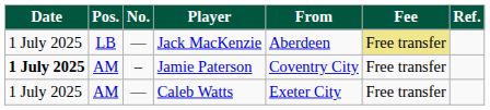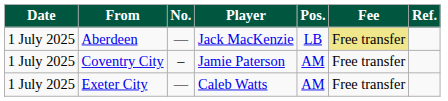 <table class="wikitable plainrowheaders sortable">
 <tr>
 <th style="background:#00563F; color:white; ">Date</th>
-<th style="background:#00563F; color:white; ">Pos.</th>
+<th style="background:#00563F; color:white; ">From</th>
 <th style="background:#00563F; color:white; ">No.</th>
 <th style="background:#00563F; color:white; ">Player</th>
-<th style="background:#00563F; color:white; ">From</th>
+<th style="background:#00563F; color:white; ">Pos.</th>
 <th style="background:#00563F; color:white; ">Fee</th>
 <th style="background:#00563F; color:white; ">Ref.</th>
 </tr>
 <tr>
 <td>1 July 2025</td>
-<td style="text-align:center"><a href='#'>LB</a></td>
+<td> <a href='#'>Aberdeen</a></td>
 <td style="text-align:center">—</td>
 <td> <a href='#'>Jack MacKenzie</a></td>
-<td> <a href='#'>Aberdeen</a></td>
+<td style="text-align:center"><a href='#'>LB</a></td>
 <td style="background: khaki;"> Free transfer</td>
 <td></td>
 </tr>
 <tr>
-<td><strong>1 July 2025</strong></td>
-<td style="text-align:center"><a href='#'>AM</a></td>
+<td>1 July 2025</td>
+<td> <a href='#'>Coventry City</a></td>
 <td style="text-align:center">–</td>
 <td> <a href='#'>Jamie Paterson</a></td>
-<td> <a href='#'>Coventry City</a></td>
+<td style="text-align:center"><a href='#'>AM</a></td>
 <td> Free transfer</td>
 <td></td>
 </tr>
 <tr>
 <td>1 July 2025</td>
-<td style="text-align:center"><a href='#'>AM</a></td>
+<td> <a href='#'>Exeter City</a></td>
 <td style="text-align:center">—</td>
 <td> <a href='#'>Caleb Watts</a></td>
-<td> <a href='#'>Exeter City</a></td>
+<td style="text-align:center"><a href='#'>AM</a></td>
 <td> Free transfer</td>
 <td></td>
 </tr>
 </table>
